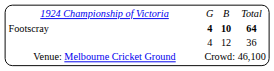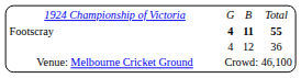 <table style="margin-right:4px; margin-top:8px; float:right; border:1px #000 solid; border-radius:8px; background:#fff; font-family:Verdana; font-size:8pt; text-align:center;">
 <tr>
 <td width=200><em><a href='#'>1924 Championship of Victoria</a></em></td>
 <td><em>G</em></td>
 <td><em>B</em></td>
 <td><em>Total</em></td>
 </tr>
 <tr>
 <td style="text-align:left"> Footscray</td>
 <td><strong>4</strong></td>
-<td><strong>10</strong></td>
-<td><strong>64</strong></td>
+<td><strong>11</strong></td>
+<td><strong>55</strong></td>
 </tr>
 <tr>
 <td style="text-align:left"> </td>
 <td>4</td>
 <td>12</td>
 <td>36</td>
 </tr>
 <tr>
 <td>Venue: <a href='#'>Melbourne Cricket Ground</a></td>
 <td colspan=3>Crowd: 46,100</td>
 </tr>
 </table>
